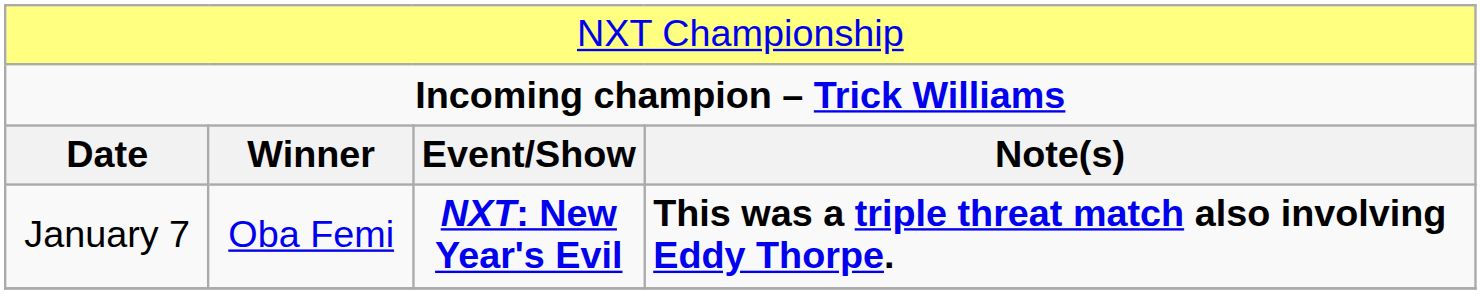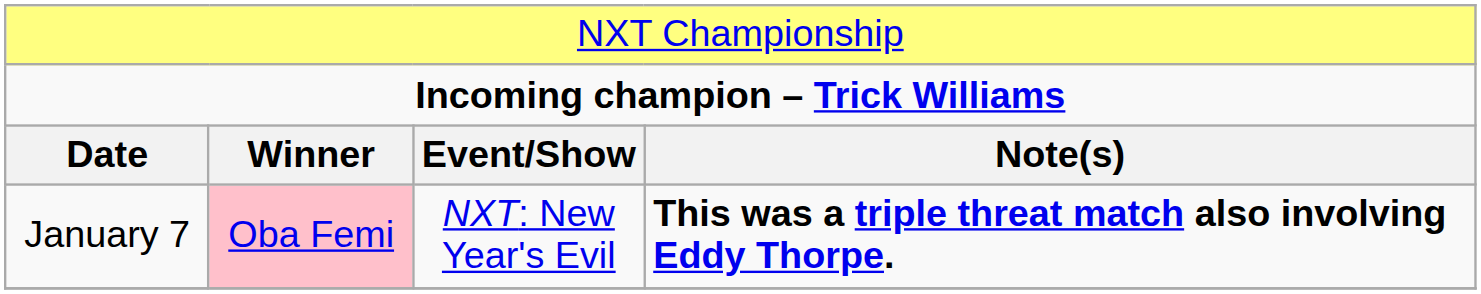 <table class="wikitable" style="text-align:center; width:100%;">
 <tr style="background:#FFFF80;">
 <td colspan="4" style="text-align: center;"><a href='#'>NXT Championship</a></td>
 </tr>
 <tr>
 <td colspan="4" style="text-align: center;"><strong>Incoming champion – <a href='#'>Trick Williams</a></strong></td>
 </tr>
 <tr>
 <th width="14%">Date</th>
 <th width="14%">Winner</th>
 <th width="14%">Event/Show</th>
 <th width="58%">Note(s)</th>
 </tr>
 <tr>
 <td>January 7</td>
-<td><a href='#'>Oba Femi</a></td>
-<td><strong><a href='#'><em>NXT</em>: New Year's Evil</a></strong></td>
+<td style="background: pink;"><a href='#'>Oba Femi</a></td>
+<td><a href='#'><em>NXT</em>: New Year's Evil</a></td>
 <td align="left"><strong>This was a <a href='#'>triple threat match</a> also involving <a href='#'>Eddy Thorpe</a>.</strong></td>
 </tr>
 <tr>
 </tr>
 </table>
